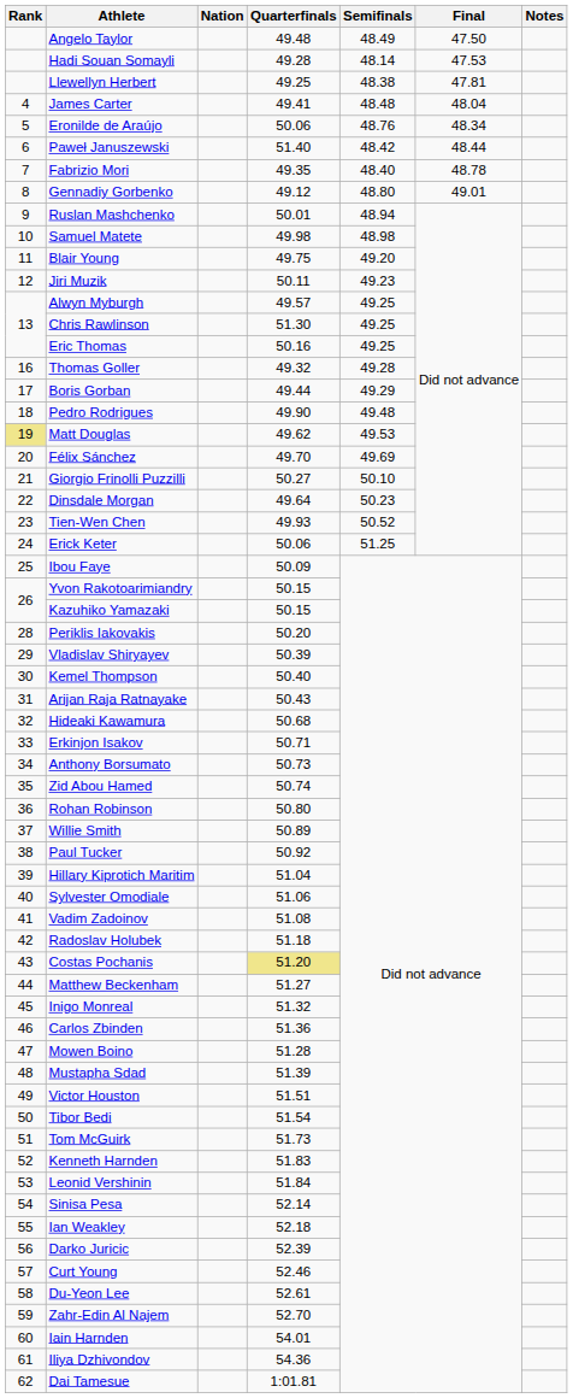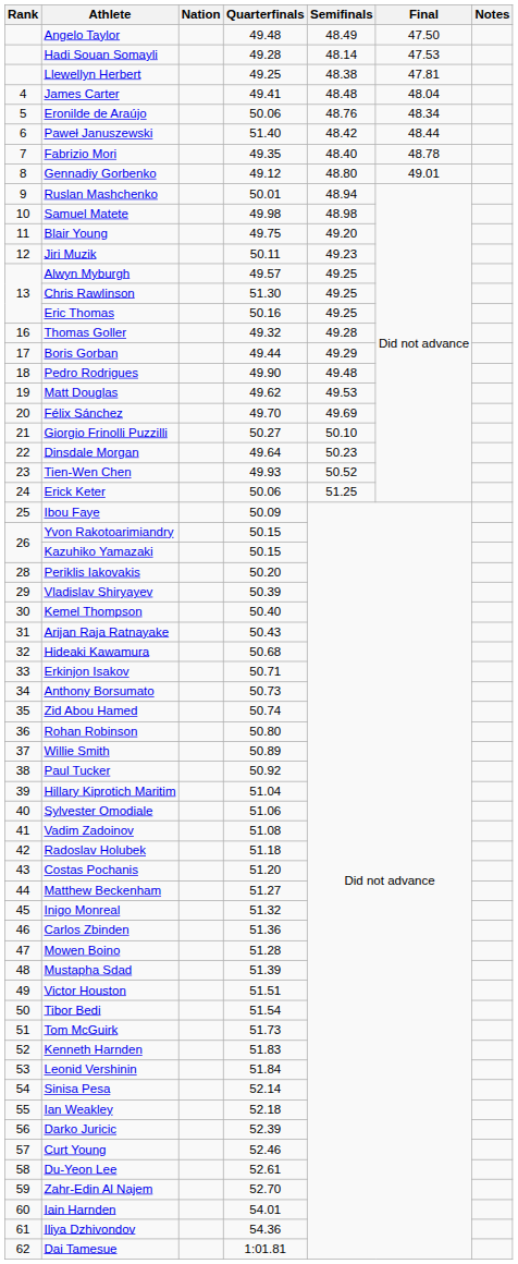 <table class="wikitable sortable" style="text-align:center">
 <tr>
 <th>Rank</th>
 <th>Athlete</th>
 <th>Nation</th>
 <th>Quarterfinals</th>
 <th>Semifinals</th>
 <th>Final</th>
 <th>Notes</th>
 </tr>
 <tr>
 <td></td>
 <td align="left"><a href='#'>Angelo Taylor</a></td>
 <td align="left"></td>
 <td>49.48</td>
 <td>48.49</td>
 <td>47.50</td>
 <td></td>
 </tr>
 <tr>
 <td></td>
 <td align="left"><a href='#'>Hadi Souan Somayli</a></td>
 <td align="left"></td>
 <td>49.28</td>
 <td>48.14</td>
 <td>47.53</td>
 <td><strong></strong></td>
 </tr>
 <tr>
 <td></td>
 <td align="left"><a href='#'>Llewellyn Herbert</a></td>
 <td align="left"></td>
 <td>49.25</td>
 <td>48.38</td>
 <td>47.81</td>
 <td><strong></strong></td>
 </tr>
 <tr>
 <td>4</td>
 <td align="left"><a href='#'>James Carter</a></td>
 <td align="left"></td>
 <td>49.41</td>
 <td>48.48</td>
 <td>48.04</td>
 <td></td>
 </tr>
 <tr>
 <td>5</td>
 <td align="left"><a href='#'>Eronilde de Araújo</a></td>
 <td align="left"></td>
 <td>50.06</td>
 <td>48.76</td>
 <td>48.34</td>
 <td></td>
 </tr>
 <tr>
 <td>6</td>
 <td align="left"><a href='#'>Paweł Januszewski</a></td>
 <td align="left"></td>
 <td>51.40</td>
 <td>48.42</td>
 <td>48.44</td>
 <td></td>
 </tr>
 <tr>
 <td>7</td>
 <td align="left"><a href='#'>Fabrizio Mori</a></td>
 <td align="left"></td>
 <td>49.35</td>
 <td>48.40</td>
 <td>48.78</td>
 <td></td>
 </tr>
 <tr>
 <td>8</td>
 <td align="left"><a href='#'>Gennadiy Gorbenko</a></td>
 <td align="left"></td>
 <td>49.12</td>
 <td>48.80</td>
 <td>49.01</td>
 <td></td>
 </tr>
 <tr>
 <td>9</td>
 <td align="left"><a href='#'>Ruslan Mashchenko</a></td>
 <td align="left"></td>
 <td>50.01</td>
 <td>48.94</td>
 <td rowspan=16 data-sort-value=99.99>Did not advance</td>
 <td></td>
 </tr>
 <tr>
 <td>10</td>
 <td align="left"><a href='#'>Samuel Matete</a></td>
 <td align="left"></td>
 <td>49.98</td>
 <td>48.98</td>
 <td></td>
 </tr>
 <tr>
 <td>11</td>
 <td align="left"><a href='#'>Blair Young</a></td>
 <td align="left"></td>
 <td>49.75</td>
 <td>49.20</td>
 <td></td>
 </tr>
 <tr>
 <td>12</td>
 <td align="left"><a href='#'>Jiri Muzik</a></td>
 <td align="left"></td>
 <td>50.11</td>
 <td>49.23</td>
 <td></td>
 </tr>
 <tr>
 <td rowspan=3>13</td>
 <td align="left"><a href='#'>Alwyn Myburgh</a></td>
 <td align="left"></td>
 <td>49.57</td>
 <td>49.25</td>
 <td></td>
 </tr>
 <tr>
 <td align="left"><a href='#'>Chris Rawlinson</a></td>
 <td align="left"></td>
 <td>51.30</td>
 <td>49.25</td>
 <td></td>
 </tr>
 <tr>
 <td align="left"><a href='#'>Eric Thomas</a></td>
 <td align="left"></td>
 <td>50.16</td>
 <td>49.25</td>
 <td></td>
 </tr>
 <tr>
 <td>16</td>
 <td align="left"><a href='#'>Thomas Goller</a></td>
 <td align="left"></td>
 <td>49.32</td>
 <td>49.28</td>
 <td></td>
 </tr>
 <tr>
 <td>17</td>
 <td align="left"><a href='#'>Boris Gorban</a></td>
 <td align="left"></td>
 <td>49.44</td>
 <td>49.29</td>
 <td></td>
 </tr>
 <tr>
 <td>18</td>
 <td align="left"><a href='#'>Pedro Rodrigues</a></td>
 <td align="left"></td>
 <td>49.90</td>
 <td>49.48</td>
 <td></td>
 </tr>
 <tr>
-<td style="background: khaki;">19</td>
+<td>19</td>
 <td align="left"><a href='#'>Matt Douglas</a></td>
 <td align="left"></td>
 <td>49.62</td>
 <td>49.53</td>
 <td></td>
 </tr>
 <tr>
 <td>20</td>
 <td align="left"><a href='#'>Félix Sánchez</a></td>
 <td align="left"></td>
 <td>49.70</td>
 <td>49.69</td>
 <td></td>
 </tr>
 <tr>
 <td>21</td>
 <td align="left"><a href='#'>Giorgio Frinolli Puzzilli</a></td>
 <td align="left"></td>
 <td>50.27</td>
 <td>50.10</td>
 <td></td>
 </tr>
 <tr>
 <td>22</td>
 <td align="left"><a href='#'>Dinsdale Morgan</a></td>
 <td align="left"></td>
 <td>49.64</td>
 <td>50.23</td>
 <td></td>
 </tr>
 <tr>
 <td>23</td>
 <td align="left"><a href='#'>Tien-Wen Chen</a></td>
 <td align="left"></td>
 <td>49.93</td>
 <td>50.52</td>
 <td><strong></strong></td>
 </tr>
 <tr>
 <td>24</td>
 <td align="left"><a href='#'>Erick Keter</a></td>
 <td align="left"></td>
 <td>50.06</td>
 <td>51.25</td>
 <td></td>
 </tr>
 <tr>
 <td>25</td>
 <td align="left"><a href='#'>Ibou Faye</a></td>
 <td align="left"></td>
 <td>50.09</td>
 <td colspan=2 rowspan=38 data-sort-value=99.99>Did not advance</td>
 <td></td>
 </tr>
 <tr>
 <td rowspan=2 align="center">26</td>
 <td align="left"><a href='#'>Yvon Rakotoarimiandry</a></td>
 <td align="left"></td>
 <td>50.15</td>
 <td></td>
 </tr>
 <tr>
 <td align="left"><a href='#'>Kazuhiko Yamazaki</a></td>
 <td align="left"></td>
 <td>50.15</td>
 <td></td>
 </tr>
 <tr>
 <td>28</td>
 <td align="left"><a href='#'>Periklis Iakovakis</a></td>
 <td align="left"></td>
 <td>50.20</td>
 <td></td>
 </tr>
 <tr>
 <td>29</td>
 <td align="left"><a href='#'>Vladislav Shiryayev</a></td>
 <td align="left"></td>
 <td>50.39</td>
 <td></td>
 </tr>
 <tr>
 <td>30</td>
 <td align="left"><a href='#'>Kemel Thompson</a></td>
 <td align="left"></td>
 <td>50.40</td>
 <td></td>
 </tr>
 <tr>
 <td>31</td>
 <td align="left"><a href='#'>Arijan Raja Ratnayake</a></td>
 <td align="left"></td>
 <td>50.43</td>
 <td></td>
 </tr>
 <tr>
 <td>32</td>
 <td align="left"><a href='#'>Hideaki Kawamura</a></td>
 <td align="left"></td>
 <td>50.68</td>
 <td></td>
 </tr>
 <tr>
 <td>33</td>
 <td align="left"><a href='#'>Erkinjon Isakov</a></td>
 <td align="left"></td>
 <td>50.71</td>
 <td></td>
 </tr>
 <tr>
 <td>34</td>
 <td align="left"><a href='#'>Anthony Borsumato</a></td>
 <td align="left"></td>
 <td>50.73</td>
 <td></td>
 </tr>
 <tr>
 <td>35</td>
 <td align="left"><a href='#'>Zid Abou Hamed</a></td>
 <td align="left"></td>
 <td>50.74</td>
 <td></td>
 </tr>
 <tr>
 <td>36</td>
 <td align="left"><a href='#'>Rohan Robinson</a></td>
 <td align="left"></td>
 <td>50.80</td>
 <td></td>
 </tr>
 <tr>
 <td>37</td>
 <td align="left"><a href='#'>Willie Smith</a></td>
 <td align="left"></td>
 <td>50.89</td>
 <td></td>
 </tr>
 <tr>
 <td>38</td>
 <td align="left"><a href='#'>Paul Tucker</a></td>
 <td align="left"></td>
 <td>50.92</td>
 <td></td>
 </tr>
 <tr>
 <td>39</td>
 <td align="left"><a href='#'>Hillary Kiprotich Maritim</a></td>
 <td align="left"></td>
 <td>51.04</td>
 <td></td>
 </tr>
 <tr>
 <td>40</td>
 <td align="left"><a href='#'>Sylvester Omodiale</a></td>
 <td align="left"></td>
 <td>51.06</td>
 <td></td>
 </tr>
 <tr>
 <td>41</td>
 <td align="left"><a href='#'>Vadim Zadoinov</a></td>
 <td align="left"></td>
 <td>51.08</td>
 <td></td>
 </tr>
 <tr>
 <td>42</td>
 <td align="left"><a href='#'>Radoslav Holubek</a></td>
 <td align="left"></td>
 <td>51.18</td>
 <td></td>
 </tr>
 <tr>
 <td>43</td>
 <td align="left"><a href='#'>Costas Pochanis</a></td>
 <td align="left"></td>
-<td style="background: khaki;">51.20</td>
+<td>51.20</td>
 <td></td>
 </tr>
 <tr>
 <td>44</td>
 <td align="left"><a href='#'>Matthew Beckenham</a></td>
 <td align="left"></td>
 <td>51.27</td>
 <td></td>
 </tr>
 <tr>
 <td>45</td>
 <td align="left"><a href='#'>Inigo Monreal</a></td>
 <td align="left"></td>
 <td>51.32</td>
 <td></td>
 </tr>
 <tr>
 <td>46</td>
 <td align="left"><a href='#'>Carlos Zbinden</a></td>
 <td align="left"></td>
 <td>51.36</td>
 <td></td>
 </tr>
 <tr>
 <td>47</td>
 <td align="left"><a href='#'>Mowen Boino</a></td>
 <td align="left"></td>
 <td>51.28</td>
 <td><strong></strong></td>
 </tr>
 <tr>
 <td>48</td>
 <td align="left"><a href='#'>Mustapha Sdad</a></td>
 <td align="left"></td>
 <td>51.39</td>
 <td></td>
 </tr>
 <tr>
 <td>49</td>
 <td align="left"><a href='#'>Victor Houston</a></td>
 <td align="left"></td>
 <td>51.51</td>
 <td></td>
 </tr>
 <tr>
 <td>50</td>
 <td align="left"><a href='#'>Tibor Bedi</a></td>
 <td align="left"></td>
 <td>51.54</td>
 <td></td>
 </tr>
 <tr>
 <td>51</td>
 <td align="left"><a href='#'>Tom McGuirk</a></td>
 <td align="left"></td>
 <td>51.73</td>
 <td></td>
 </tr>
 <tr>
 <td>52</td>
 <td align="left"><a href='#'>Kenneth Harnden</a></td>
 <td align="left"></td>
 <td>51.83</td>
 <td></td>
 </tr>
 <tr>
 <td>53</td>
 <td align="left"><a href='#'>Leonid Vershinin</a></td>
 <td align="left"></td>
 <td>51.84</td>
 <td></td>
 </tr>
 <tr>
 <td>54</td>
 <td align="left"><a href='#'>Sinisa Pesa</a></td>
 <td align="left"></td>
 <td>52.14</td>
 <td></td>
 </tr>
 <tr>
 <td>55</td>
 <td align="left"><a href='#'>Ian Weakley</a></td>
 <td align="left"></td>
 <td>52.18</td>
 <td></td>
 </tr>
 <tr>
 <td>56</td>
 <td align="left"><a href='#'>Darko Juricic</a></td>
 <td align="left"></td>
 <td>52.39</td>
 <td></td>
 </tr>
 <tr>
 <td>57</td>
 <td align="left"><a href='#'>Curt Young</a></td>
 <td align="left"></td>
 <td>52.46</td>
 <td></td>
 </tr>
 <tr>
 <td>58</td>
 <td align="left"><a href='#'>Du-Yeon Lee</a></td>
 <td align="left"></td>
 <td>52.61</td>
 <td></td>
 </tr>
 <tr>
 <td>59</td>
 <td align="left"><a href='#'>Zahr-Edin Al Najem</a></td>
 <td align="left"></td>
 <td>52.70</td>
 <td></td>
 </tr>
 <tr>
 <td>60</td>
 <td align="left"><a href='#'>Iain Harnden</a></td>
 <td align="left"></td>
 <td>54.01</td>
 <td></td>
 </tr>
 <tr>
 <td>61</td>
 <td align="left"><a href='#'>Iliya Dzhivondov</a></td>
 <td align="left"></td>
 <td>54.36</td>
 <td></td>
 </tr>
 <tr>
 <td>62</td>
 <td align="left"><a href='#'>Dai Tamesue</a></td>
 <td align="left"></td>
 <td data-sort-value=61.81>1:01.81</td>
 <td></td>
 </tr>
 </table>
